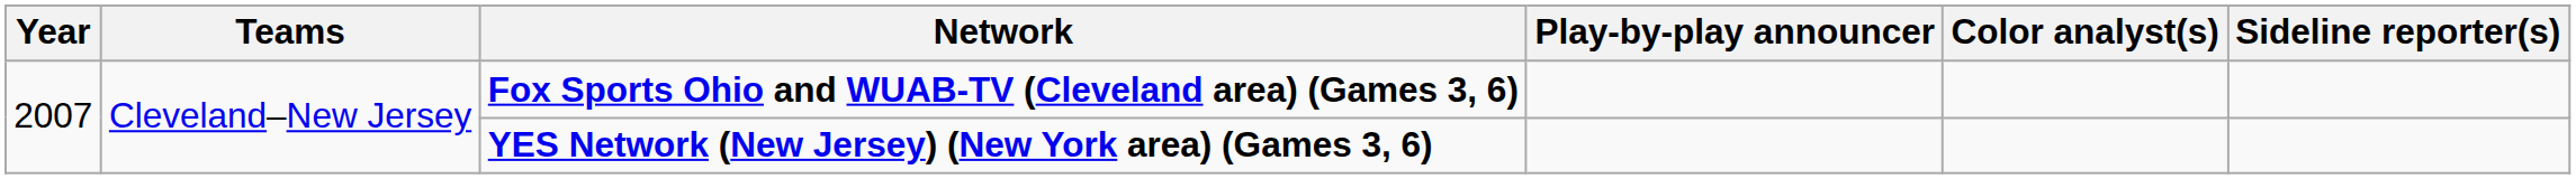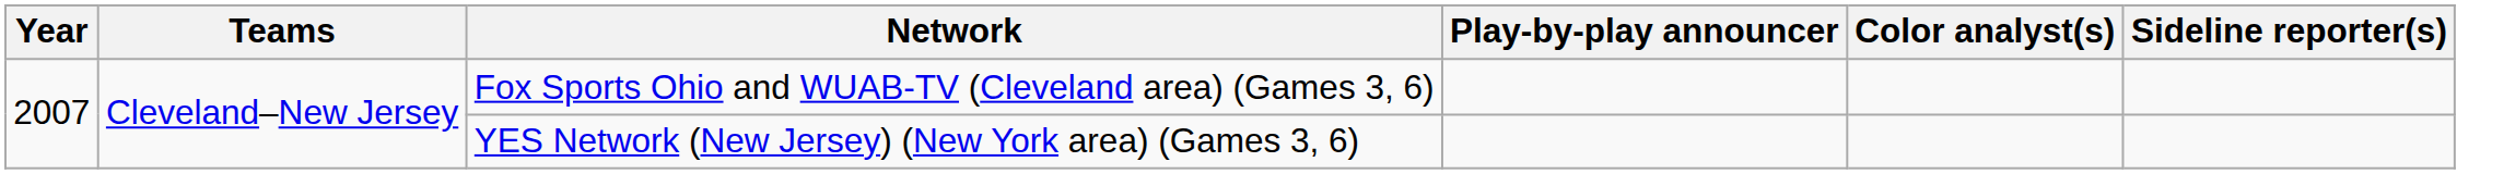 <table class="wikitable">
 <tr>
 <th>Year</th>
 <th>Teams</th>
 <th>Network</th>
 <th>Play-by-play announcer</th>
 <th>Color analyst(s)</th>
 <th>Sideline reporter(s)</th>
 </tr>
 <tr>
 <td rowspan=2>2007</td>
 <td rowspan=2><a href='#'>Cleveland</a>–<a href='#'>New Jersey</a></td>
-<td><strong><a href='#'>Fox Sports Ohio</a> and <a href='#'>WUAB-TV</a> (<a href='#'>Cleveland</a> area) (Games 3, 6)</strong></td>
+<td><a href='#'>Fox Sports Ohio</a> and <a href='#'>WUAB-TV</a> (<a href='#'>Cleveland</a> area) (Games 3, 6)</td>
 <td></td>
 <td></td>
 <td></td>
 </tr>
 <tr>
-<td><strong><a href='#'>YES Network</a> (<a href='#'>New Jersey</a>) (<a href='#'>New York</a> area) (Games 3, 6)</strong></td>
+<td><a href='#'>YES Network</a> (<a href='#'>New Jersey</a>) (<a href='#'>New York</a> area) (Games 3, 6)</td>
 <td></td>
 <td></td>
 <td></td>
 </tr>
 </table>
